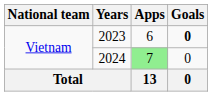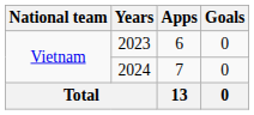 <table class=wikitable style="text-align: center">
 <tr>
 <th>National team</th>
 <th>Years</th>
 <th>Apps</th>
 <th>Goals</th>
 </tr>
 <tr>
 <td rowspan="2"><a href='#'>Vietnam</a></td>
 <td>2023</td>
 <td>6</td>
-<td><strong>0</strong></td>
+<td>0</td>
 </tr>
 <tr>
 <td>2024</td>
-<td style="background: lightgreen;">7</td>
+<td>7</td>
 <td>0</td>
 </tr>
 <tr>
 <th colspan=2>Total</th>
 <th>13</th>
 <th>0</th>
 </tr>
 </table>
